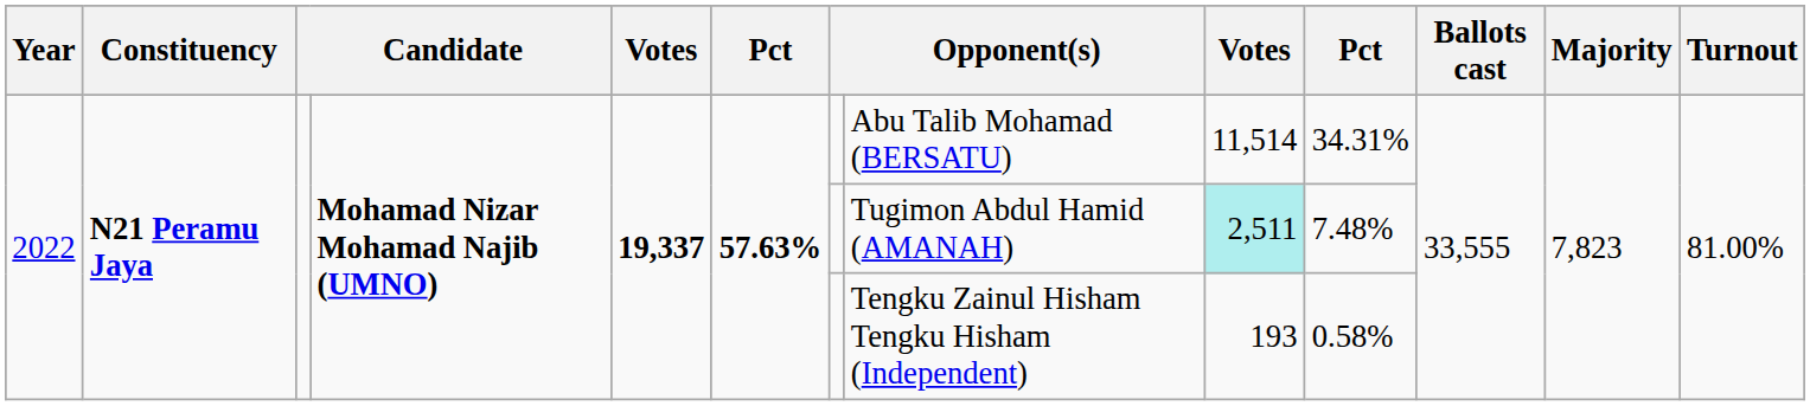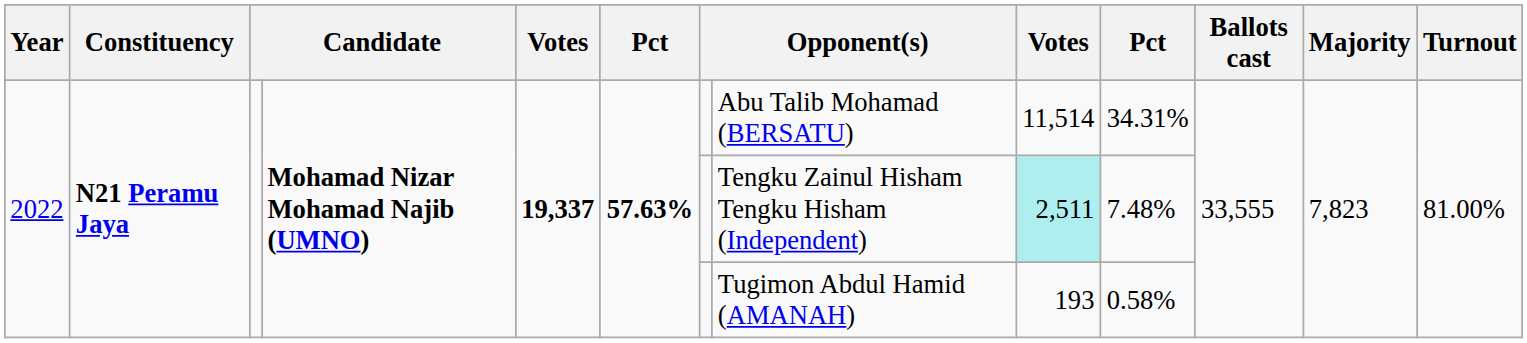 <table class="wikitable" style="margin:0.5em ; font-size:95%">
 <tr>
 <th>Year</th>
 <th>Constituency</th>
 <th colspan=2>Candidate</th>
 <th>Votes</th>
 <th>Pct</th>
 <th colspan=2>Opponent(s)</th>
 <th>Votes</th>
 <th>Pct</th>
 <th>Ballots cast</th>
 <th>Majority</th>
 <th>Turnout</th>
 </tr>
 <tr>
 <td rowspan="3"><a href='#'>2022</a></td>
 <td rowspan="3"><strong>N21 <a href='#'>Peramu Jaya</a></strong></td>
 <td rowspan="3" ></td>
 <td rowspan="3"><strong>Mohamad Nizar Mohamad Najib (<a href='#'>UMNO</a>)</strong></td>
 <td rowspan="3" align="right"><strong>19,337</strong></td>
 <td rowspan="3"><strong>57.63%</strong></td>
 <td bgcolor=></td>
 <td>Abu Talib Mohamad (<a href='#'>BERSATU</a>)</td>
 <td align="right">11,514</td>
 <td>34.31%</td>
 <td rowspan="3">33,555</td>
 <td rowspan="3">7,823</td>
 <td rowspan="3">81.00%</td>
 </tr>
 <tr>
 <td></td>
-<td>Tugimon Abdul Hamid (<a href='#'>AMANAH</a>)</td>
+<td>Tengku Zainul Hisham Tengku Hisham (<a href='#'>Independent</a>)</td>
 <td align="right" style="background: paleturquoise;">2,511</td>
 <td>7.48%</td>
 </tr>
 <tr>
 <td></td>
-<td>Tengku Zainul Hisham Tengku Hisham (<a href='#'>Independent</a>)</td>
+<td>Tugimon Abdul Hamid (<a href='#'>AMANAH</a>)</td>
 <td align="right">193</td>
 <td>0.58%</td>
 </tr>
 </table>
